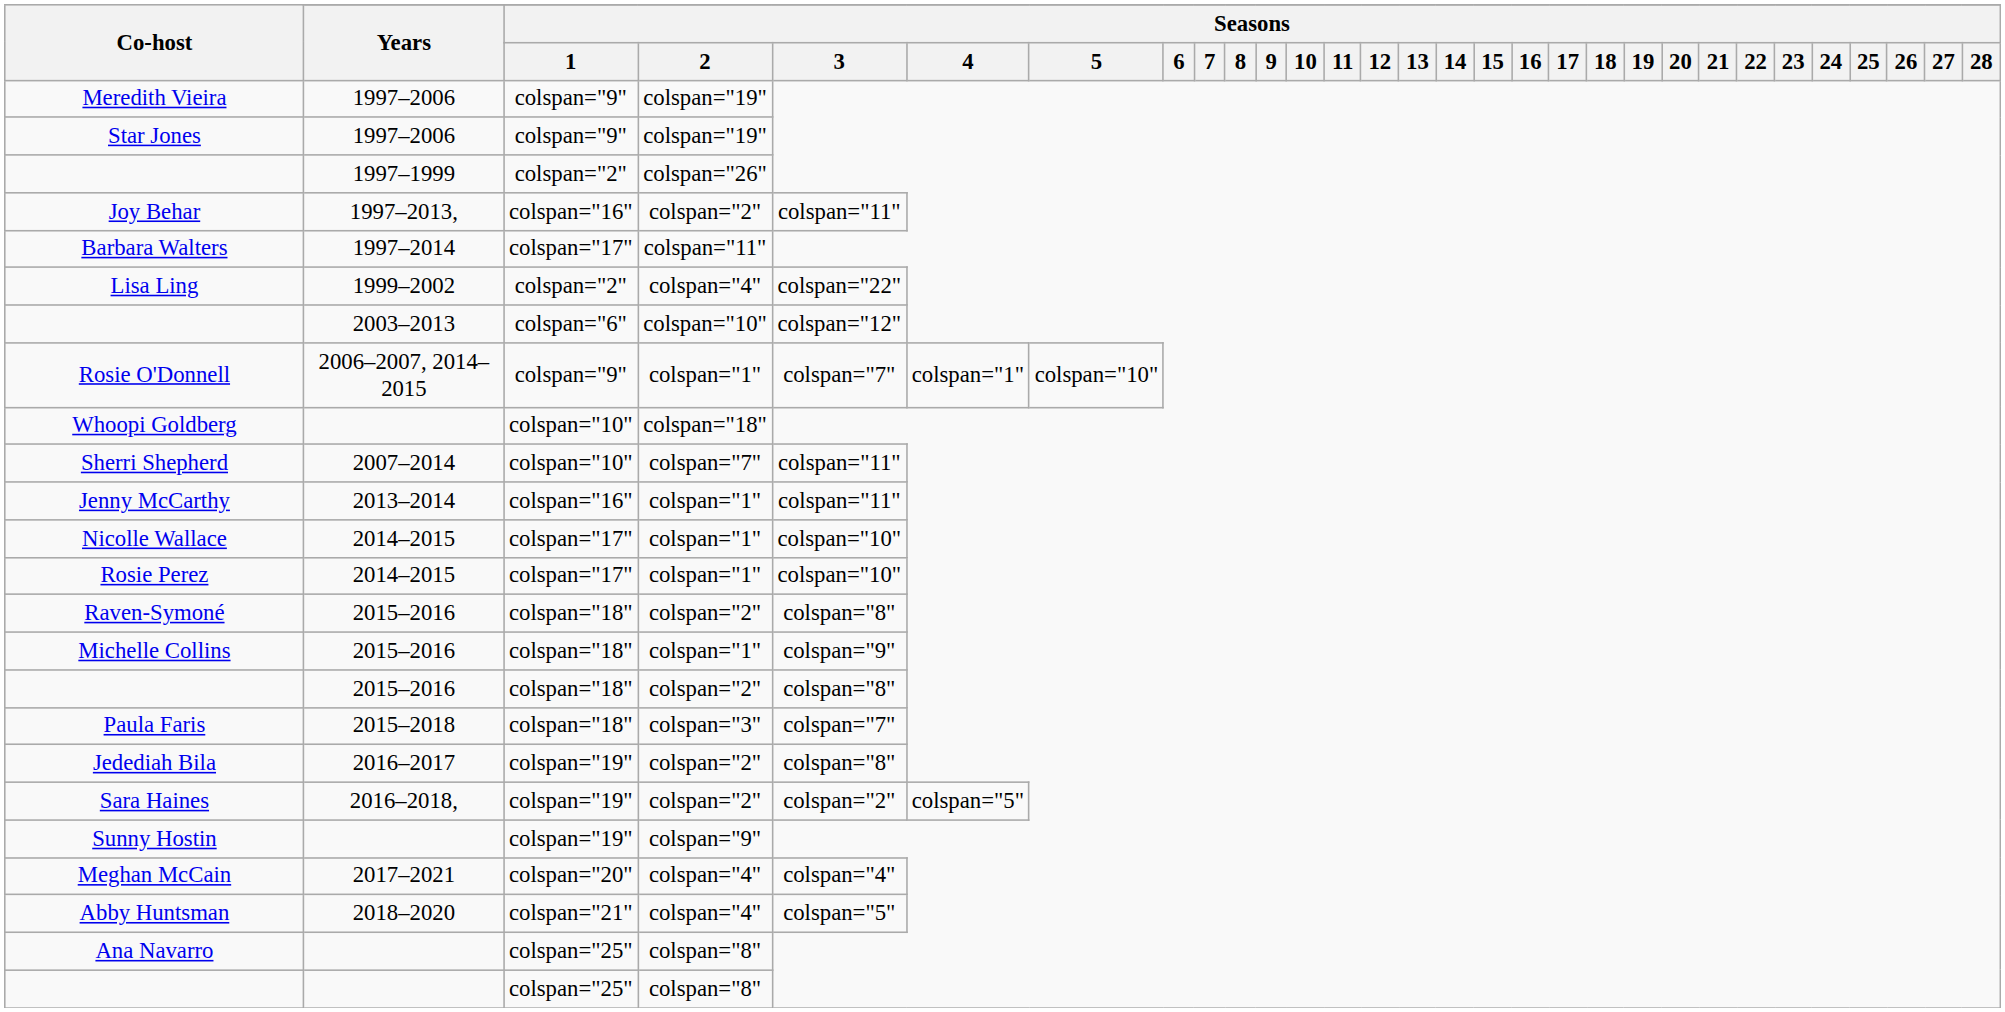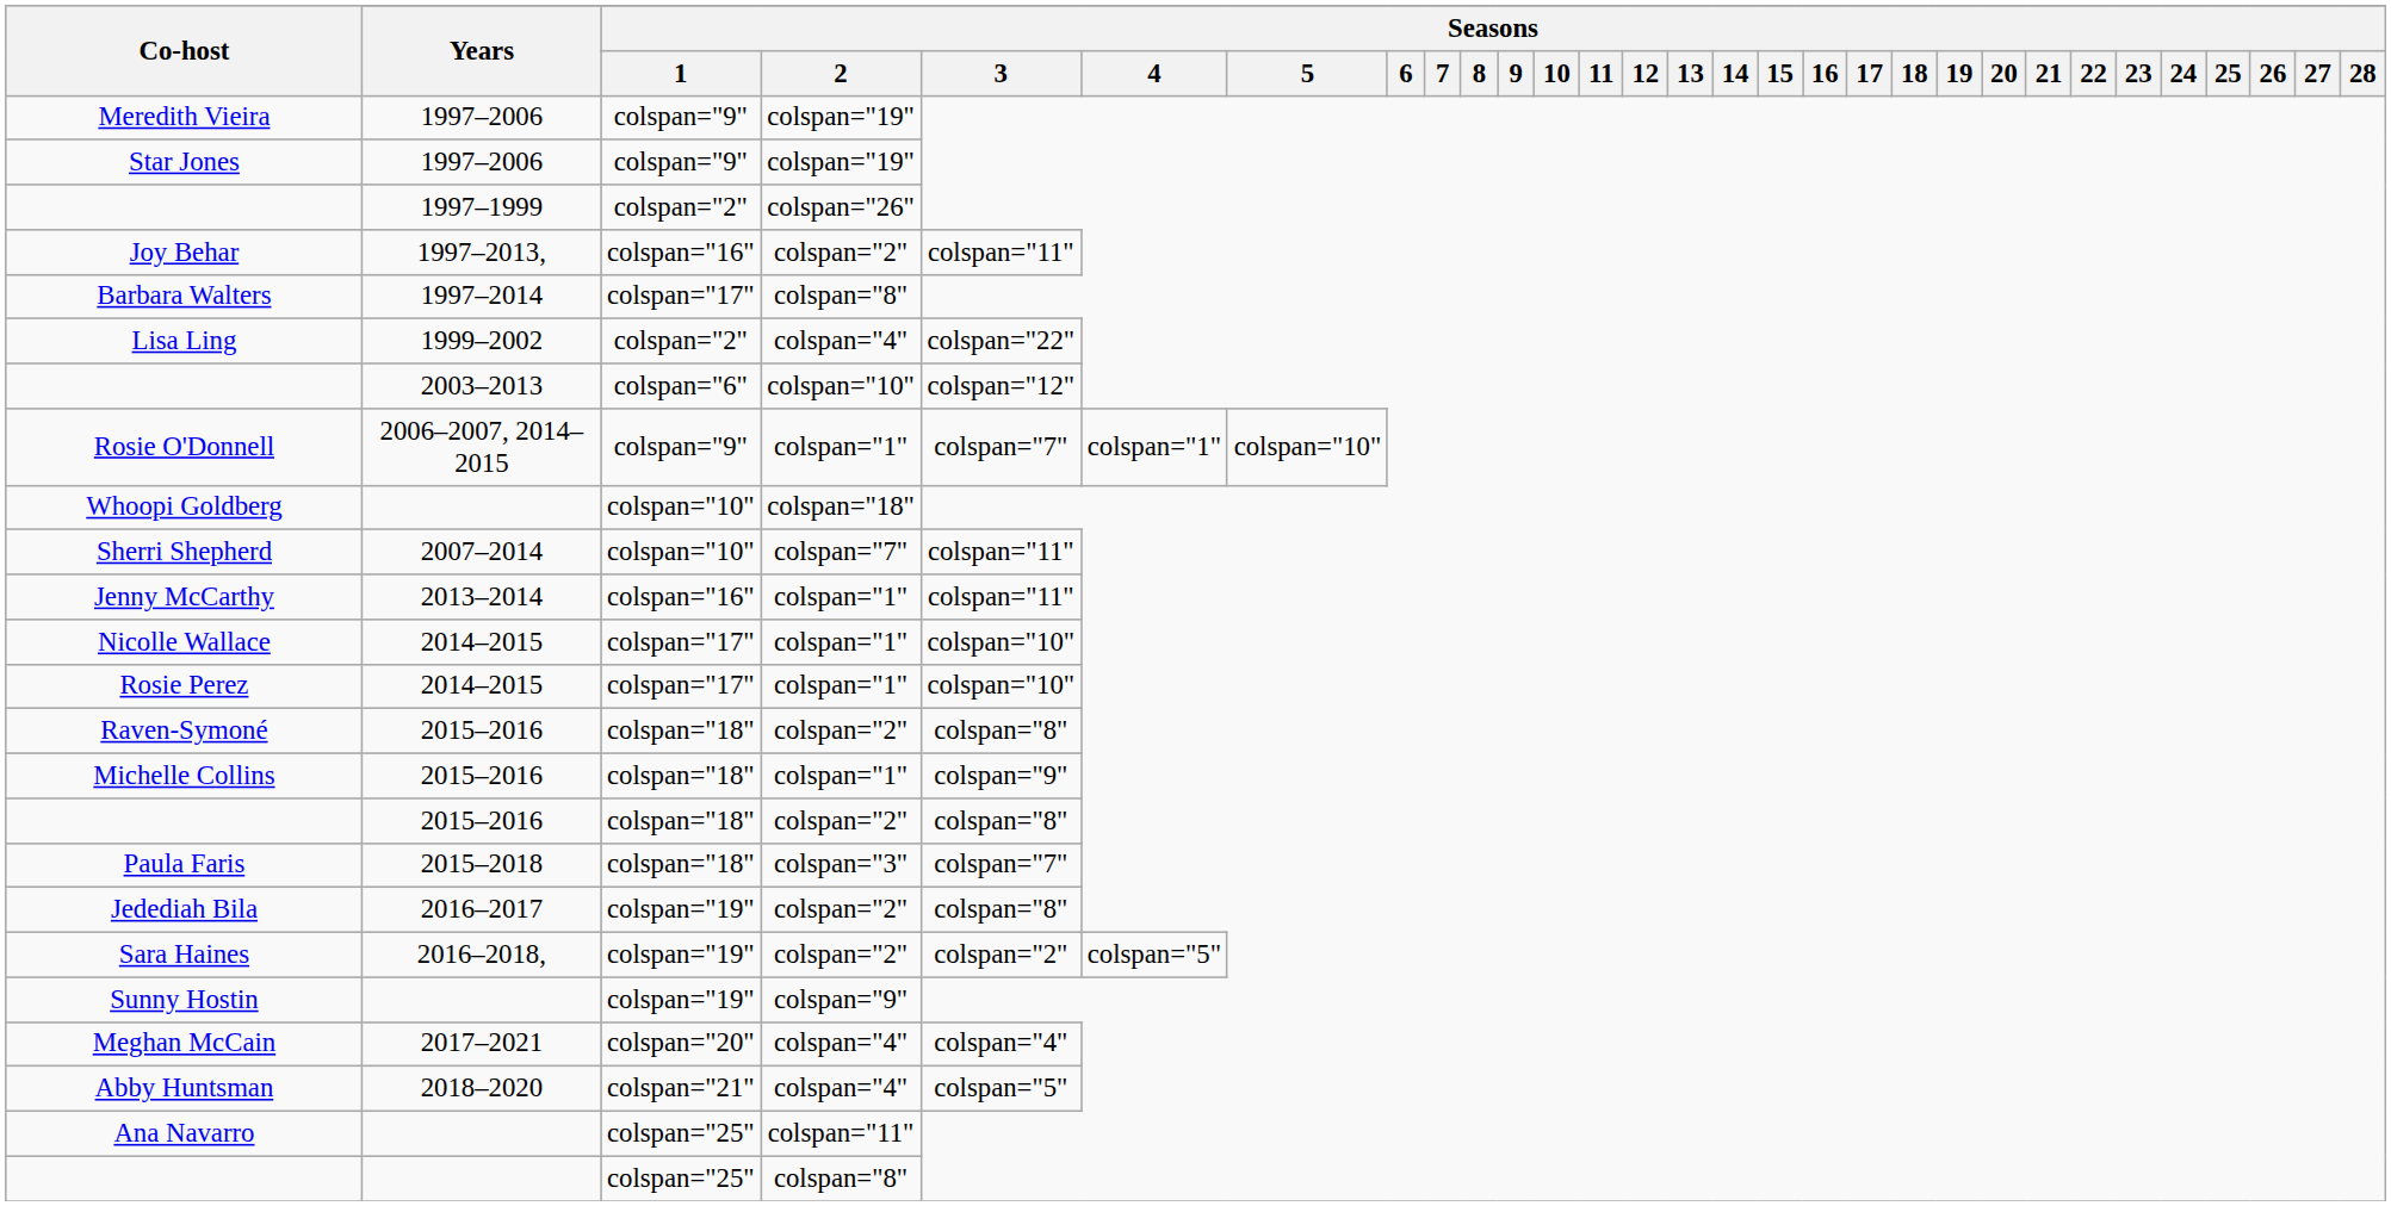 <table class="wikitable plainrowheaders" style="text-align:center; font-size:90%; width:100%">
 <tr>
 <th rowspan="4" style="width:15%;">Co-host</th>
 </tr>
 <tr>
 <th rowspan="3" style="width:10%;">Years</th>
 </tr>
 <tr>
 <th colspan="28">Seasons</th>
 </tr>
 <tr>
 <th ! width="21">1</th>
 <th width="21">2</th>
 <th width="21">3</th>
 <th width="21">4</th>
 <th width="21">5</th>
 <th width="21">6</th>
 <th width="21">7</th>
 <th width="21">8</th>
 <th width="21">9</th>
 <th width="21">10</th>
 <th width="21">11</th>
 <th width="21">12</th>
 <th width="21">13</th>
 <th width="21">14</th>
 <th width="21">15</th>
 <th width="21">16</th>
 <th width="21">17</th>
 <th width="21">18</th>
 <th width="21">19</th>
 <th width="21">20</th>
 <th width="21">21</th>
 <th width="21">22</th>
 <th width="21">23</th>
 <th width="21">24</th>
 <th width="21">25</th>
 <th width="21">26</th>
 <th width="21">27</th>
 <th width="21">28</th>
 </tr>
 <tr>
 <td><a href='#'>Meredith Vieira</a></td>
 <td>1997–2006</td>
 <td>colspan="9" </td>
 <td>colspan="19" </td>
 </tr>
 <tr>
 <td><a href='#'>Star Jones</a></td>
 <td>1997–2006</td>
 <td>colspan="9" </td>
 <td>colspan="19" </td>
 </tr>
 <tr>
 <td></td>
 <td>1997–1999</td>
 <td>colspan="2" </td>
 <td>colspan="26" </td>
 </tr>
 <tr>
 <td><a href='#'>Joy Behar</a></td>
 <td>1997–2013, </td>
 <td>colspan="16" </td>
 <td>colspan="2" </td>
 <td>colspan="11" </td>
 </tr>
 <tr>
 <td><a href='#'>Barbara Walters</a></td>
 <td>1997–2014</td>
 <td>colspan="17" </td>
-<td>colspan="11" </td>
+<td>colspan="8" </td>
 </tr>
 <tr>
 <td><a href='#'>Lisa Ling</a></td>
 <td>1999–2002</td>
 <td>colspan="2" </td>
 <td>colspan="4" </td>
 <td>colspan="22" </td>
 </tr>
 <tr>
 <td></td>
 <td>2003–2013</td>
 <td>colspan="6" </td>
 <td>colspan="10" </td>
 <td>colspan="12" </td>
 </tr>
 <tr>
 <td><a href='#'>Rosie O'Donnell</a></td>
 <td>2006–2007, 2014–2015</td>
 <td>colspan="9" </td>
 <td>colspan="1" </td>
 <td>colspan="7" </td>
 <td>colspan="1" </td>
 <td>colspan="10" </td>
 </tr>
 <tr>
 <td><a href='#'>Whoopi Goldberg</a></td>
 <td></td>
 <td>colspan="10" </td>
 <td>colspan="18" </td>
 </tr>
 <tr>
 <td><a href='#'>Sherri Shepherd</a></td>
 <td>2007–2014</td>
 <td>colspan="10" </td>
 <td>colspan="7" </td>
 <td>colspan="11" </td>
 </tr>
 <tr>
 <td><a href='#'>Jenny McCarthy</a></td>
 <td>2013–2014</td>
 <td>colspan="16" </td>
 <td>colspan="1" </td>
 <td>colspan="11" </td>
 </tr>
 <tr>
 <td><a href='#'>Nicolle Wallace</a></td>
 <td>2014–2015</td>
 <td>colspan="17" </td>
 <td>colspan="1" </td>
 <td>colspan="10" </td>
 </tr>
 <tr>
 <td><a href='#'>Rosie Perez</a></td>
 <td>2014–2015</td>
 <td>colspan="17" </td>
 <td>colspan="1" </td>
 <td>colspan="10" </td>
 </tr>
 <tr>
 <td><a href='#'>Raven-Symoné</a></td>
 <td>2015–2016</td>
 <td>colspan="18" </td>
 <td>colspan="2" </td>
 <td>colspan="8" </td>
 </tr>
 <tr>
 <td><a href='#'>Michelle Collins</a></td>
 <td>2015–2016</td>
 <td>colspan="18" </td>
 <td>colspan="1" </td>
 <td>colspan="9" </td>
 </tr>
 <tr>
 <td></td>
 <td>2015–2016</td>
 <td>colspan="18" </td>
 <td>colspan="2" </td>
 <td>colspan="8" </td>
 </tr>
 <tr>
 <td><a href='#'>Paula Faris</a></td>
 <td>2015–2018</td>
 <td>colspan="18" </td>
 <td>colspan="3" </td>
 <td>colspan="7" </td>
 </tr>
 <tr>
 <td><a href='#'>Jedediah Bila</a></td>
 <td>2016–2017</td>
 <td>colspan="19" </td>
 <td>colspan="2" </td>
 <td>colspan="8" </td>
 </tr>
 <tr>
 <td><a href='#'>Sara Haines</a></td>
 <td>2016–2018, </td>
 <td>colspan="19" </td>
 <td>colspan="2" </td>
 <td>colspan="2" </td>
 <td>colspan="5" </td>
 </tr>
 <tr>
 <td><a href='#'>Sunny Hostin</a></td>
 <td></td>
 <td>colspan="19" </td>
 <td>colspan="9" </td>
 </tr>
 <tr>
 <td><a href='#'>Meghan McCain</a></td>
 <td>2017–2021</td>
 <td>colspan="20" </td>
 <td>colspan="4" </td>
 <td>colspan="4" </td>
 </tr>
 <tr>
 <td><a href='#'>Abby Huntsman</a></td>
 <td>2018–2020</td>
 <td>colspan="21" </td>
 <td>colspan="4" </td>
 <td>colspan="5" </td>
 </tr>
 <tr>
 <td><a href='#'>Ana Navarro</a></td>
 <td></td>
 <td>colspan="25" </td>
-<td>colspan="8" </td>
+<td>colspan="11" </td>
 </tr>
 <tr>
 <td></td>
 <td></td>
 <td>colspan="25" </td>
 <td>colspan="8" </td>
 </tr>
 </table>
